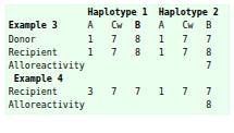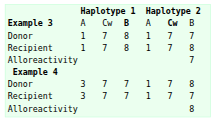 <table style="margin-left:1em;  border:1px #ccffdd solid; background:#ebffef; align:center;" align="right">
 <tr>
 <td></td>
 <td colspan = "3"><strong>Haplotype 1</strong></td>
 <td colspan = "3"><strong>Haplotype 2</strong></td>
 </tr>
 <tr>
 <td><strong>Example 3</strong></td>
 <td width = "30">A</td>
 <td width = "30">Cw</td>
 <td width = "30"><strong>B</strong></td>
 <td width = "30">A</td>
-<td width = "30">Cw</td>
+<td width = "30"><strong>Cw</strong></td>
 <td width = "30">B</td>
 </tr>
 <tr>
 <td>Donor</td>
 <td>1</td>
 <td>7</td>
 <td>8</td>
 <td>1</td>
 <td>7</td>
 <td>7</td>
 </tr>
 <tr>
 <td>Recipient</td>
 <td>1</td>
 <td>7</td>
 <td>8</td>
 <td>1</td>
 <td>7</td>
 <td>8</td>
 </tr>
 <tr>
 <td>Alloreactivity</td>
 <td></td>
 <td></td>
 <td></td>
 <td></td>
 <td></td>
 <td><span>7</span></td>
 </tr>
 <tr>
 <td colspan = "7" align="left"><span> <strong>Example 4</strong></span></td>
 </tr>
 <tr>
+<td>Donor</td>
+<td>3</td>
+<td>7</td>
+<td>7</td>
+<td>1</td>
+<td>7</td>
+<td>8</td>
+</tr>
+<tr>
 <td>Recipient</td>
 <td>3</td>
 <td>7</td>
 <td>7</td>
 <td>1</td>
 <td>7</td>
 <td>7</td>
 </tr>
 <tr>
 <td>Alloreactivity</td>
 <td></td>
 <td></td>
 <td></td>
 <td></td>
 <td></td>
 <td><span>8</span></td>
 </tr>
 <tr>
 </tr>
 </table>
